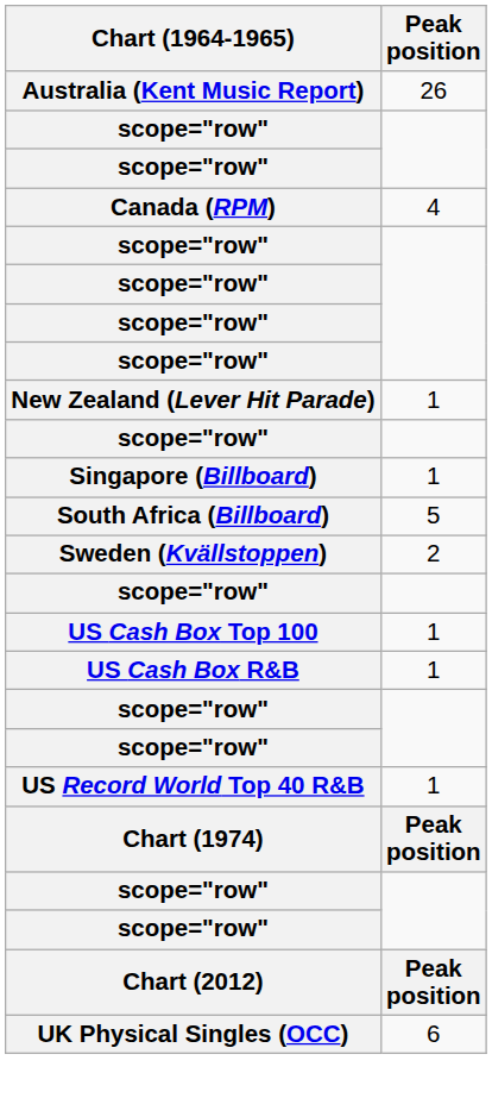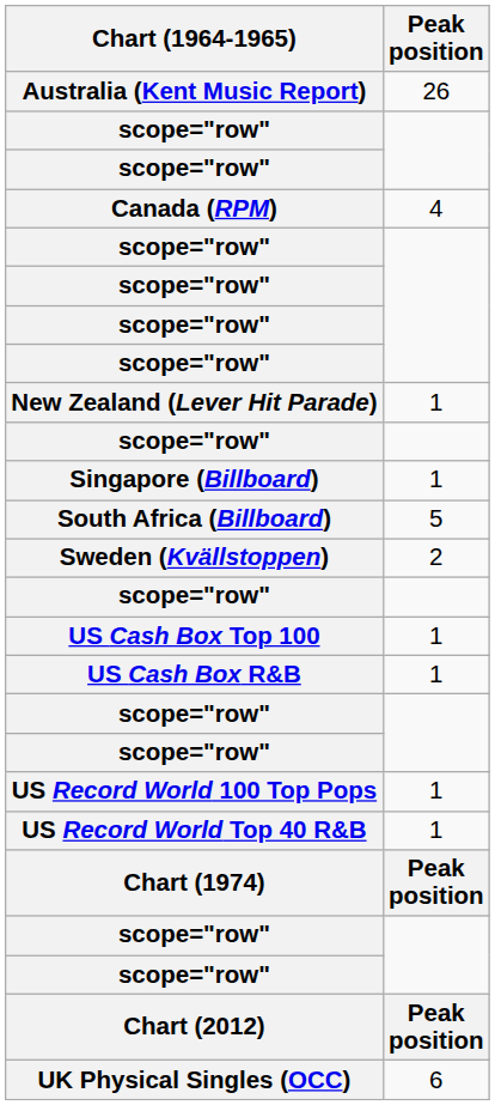 <table class="wikitable sortable plainrowheaders">
 <tr>
 <th scope="col">Chart (1964-1965)</th>
 <th scope="col">Peak<br>position</th>
 </tr>
 <tr>
 <th scope="row">Australia (<a href='#'>Kent Music Report</a>)</th>
 <td align="center">26</td>
 </tr>
 <tr>
 <th>scope="row" </th>
 </tr>
 <tr>
 <th>scope="row" </th>
 </tr>
 <tr>
 <th scope="row">Canada (<a href='#'><em>RPM</em></a>)</th>
 <td align="center">4</td>
 </tr>
 <tr>
 <th>scope="row" </th>
 </tr>
 <tr>
 <th>scope="row" </th>
 </tr>
 <tr>
 <th>scope="row" </th>
 </tr>
 <tr>
 <th>scope="row" </th>
 </tr>
 <tr>
 <th scope="row">New Zealand (<em>Lever Hit Parade</em>)</th>
 <td align="center">1</td>
 </tr>
 <tr>
 <th>scope="row" </th>
 </tr>
 <tr>
 <th scope="row">Singapore (<a href='#'><em>Billboard</em></a>)</th>
 <td style="text-align:center;">1</td>
 </tr>
 <tr>
 <th scope="row">South Africa (<a href='#'><em>Billboard</em></a>)</th>
 <td style="text-align:center;">5</td>
 </tr>
 <tr>
 <th scope="row">Sweden (<em><a href='#'>Kvällstoppen</a></em>)</th>
 <td align="center">2</td>
 </tr>
 <tr>
 <th>scope="row" </th>
 </tr>
 <tr>
 <th scope="row"><a href='#'>US <em>Cash Box</em> Top 100</a></th>
 <td style="text-align:center;">1</td>
 </tr>
 <tr>
 <th scope="row"><a href='#'>US <em>Cash Box</em> R&B</a></th>
 <td style="text-align:center;">1</td>
 </tr>
 <tr>
 <th>scope="row" </th>
 </tr>
 <tr>
 <th>scope="row" </th>
 </tr>
 <tr>
+<th scope="row">US <a href='#'><em>Record World</em> 100 Top Pops</a></th>
+<td style="text-align:center;">1</td>
+</tr>
+<tr>
 <th scope="row">US <a href='#'><em>Record World</em> Top 40 R&B</a></th>
 <td style="text-align:center;">1</td>
 </tr>
 <tr>
 <th scope="col">Chart (1974)</th>
 <th scope="col">Peak<br>position</th>
 </tr>
 <tr>
 <th>scope="row" </th>
 </tr>
 <tr>
 <th>scope="row" </th>
 </tr>
 <tr>
 <th scope="col">Chart (2012)</th>
 <th scope="col">Peak<br>position</th>
 </tr>
 <tr>
 <th scope="row">UK Physical Singles (<a href='#'>OCC</a>)</th>
 <td align="center">6</td>
 </tr>
 </table>
